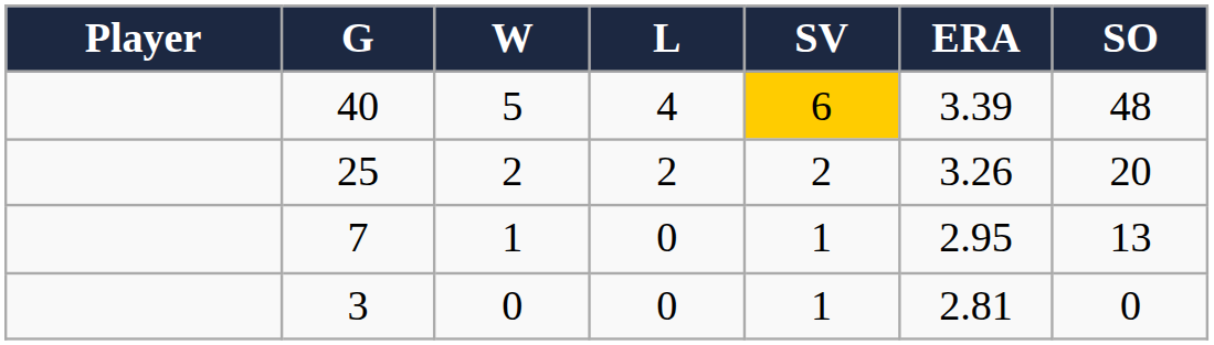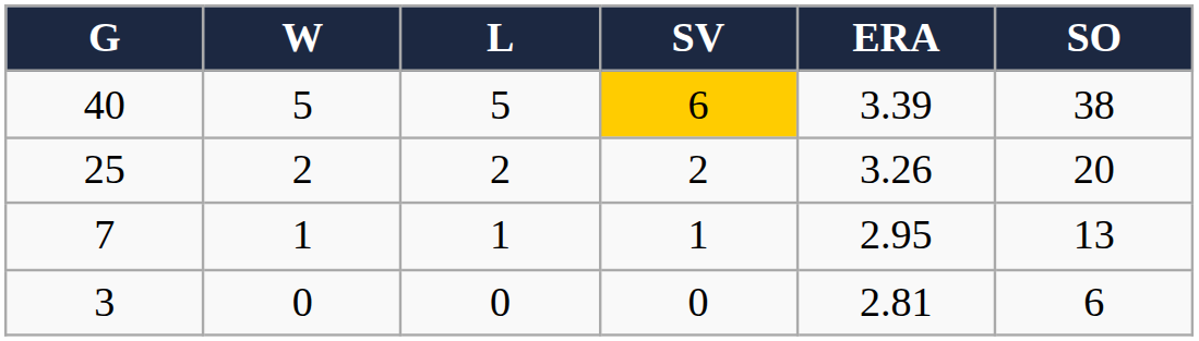 <table class="wikitable sortable" style="text-align:center;">
 <tr>
-<th style="background:#1c2841;color:white;" width="16%">Player</th>
 <th style="background:#1c2841;color:white;" width="9%">G</th>
 <th style="background:#1c2841;color:white;" width="9%">W</th>
 <th style="background:#1c2841;color:white;" width="9%">L</th>
 <th style="background:#1c2841;color:white;" width="9%">SV</th>
 <th style="background:#1c2841;color:white;" width="9%">ERA</th>
 <th style="background:#1c2841;color:white;" width="9%">SO</th>
 </tr>
 <tr align="center">
-<td></td>
 <td>40</td>
 <td>5</td>
-<td>4</td>
+<td>5</td>
 <td style="background:#fc0;">6</td>
 <td>3.39</td>
-<td>48</td>
+<td>38</td>
 </tr>
 <tr align="center">
-<td></td>
 <td>25</td>
 <td>2</td>
 <td>2</td>
 <td>2</td>
 <td>3.26</td>
 <td>20</td>
 </tr>
 <tr align="center">
-<td></td>
 <td>7</td>
 <td>1</td>
-<td>0</td>
+<td>1</td>
 <td>1</td>
 <td>2.95</td>
 <td>13</td>
 </tr>
 <tr align="center">
-<td></td>
 <td>3</td>
 <td>0</td>
 <td>0</td>
-<td>1</td>
+<td>0</td>
 <td>2.81</td>
-<td>0</td>
+<td>6</td>
 </tr>
 </table>
